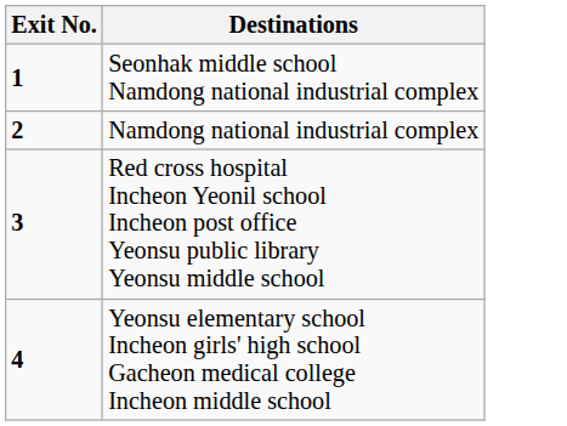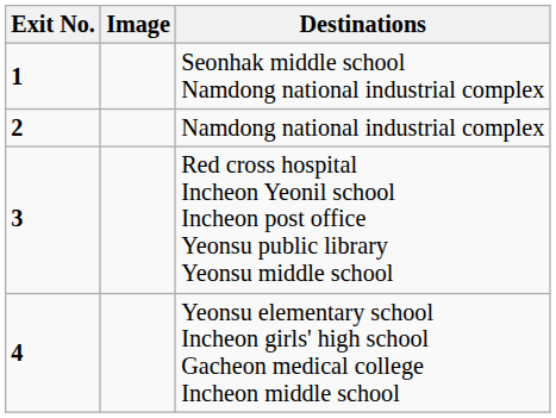 <table class="wikitable">
 <tr>
 <th>Exit No.</th>
+<th>Image</th>
 <th>Destinations</th>
 </tr>
 <tr>
 <td><span><strong>1</strong></span></td>
+<td></td>
 <td>Seonhak middle school<br>Namdong national industrial complex</td>
 </tr>
 <tr>
 <td><span><strong>2</strong></span></td>
+<td></td>
 <td>Namdong national industrial complex</td>
 </tr>
 <tr>
 <td><span><strong>3</strong></span></td>
+<td></td>
 <td>Red cross hospital<br>Incheon Yeonil school<br>Incheon post office<br>Yeonsu public library<br>Yeonsu middle school</td>
 </tr>
 <tr>
 <td><span><strong>4</strong></span></td>
+<td></td>
 <td>Yeonsu elementary school<br>Incheon girls' high school<br>Gacheon medical college<br>Incheon middle school</td>
 </tr>
 </table>
